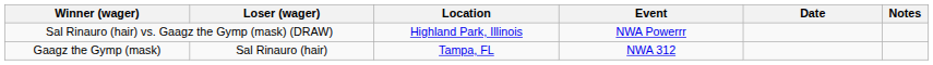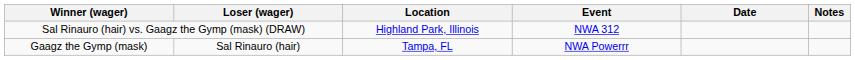 <table class="wikitable sortable" width=100%  style="text-align: center">
 <tr>
 <th width=20% scope="col">Winner (wager)</th>
 <th width=20% scope="col">Loser (wager)</th>
 <th width=20% scope="col">Location</th>
 <th width=20% scope="col">Event</th>
 <th width=15% scope="col">Date</th>
 <th class="unsortable" width=5% scope="col">Notes</th>
 </tr>
 <tr>
 <td colspan="2">Sal Rinauro (hair) vs. Gaagz the Gymp (mask) (DRAW)</td>
 <td><a href='#'>Highland Park, Illinois</a></td>
-<td><a href='#'>NWA Powerrr</a></td>
+<td><a href='#'>NWA 312</a></td>
 <td></td>
 <td></td>
 </tr>
 <tr>
 <td>Gaagz the Gymp (mask)</td>
 <td>Sal Rinauro (hair)</td>
 <td><a href='#'>Tampa, FL</a></td>
-<td><a href='#'>NWA 312</a></td>
+<td><a href='#'>NWA Powerrr</a></td>
 <td></td>
 <td></td>
 </tr>
 </table>
